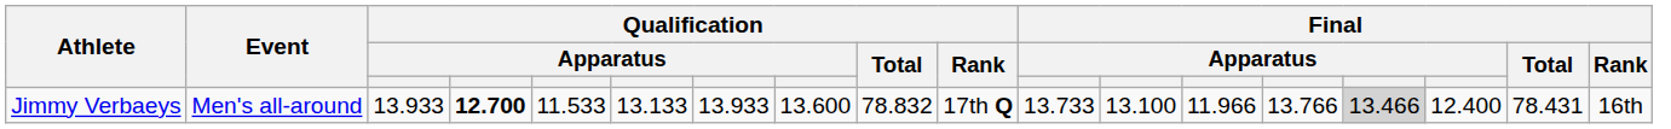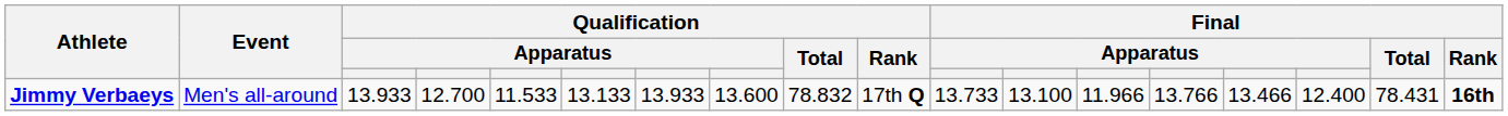 <table class="wikitable" style="font-size:90%">
 <tr>
 <th rowspan=3>Athlete</th>
 <th rowspan=3>Event</th>
 <th colspan=8>Qualification</th>
 <th colspan=8>Final</th>
 </tr>
 <tr style="font-size:95%">
 <th colspan=6>Apparatus</th>
 <th rowspan=2>Total</th>
 <th rowspan=2>Rank</th>
 <th colspan=6>Apparatus</th>
 <th rowspan=2>Total</th>
 <th rowspan=2>Rank</th>
 </tr>
 <tr style="font-size:95%">
 <th></th>
 <th></th>
 <th></th>
 <th></th>
 <th></th>
 <th></th>
 <th></th>
 <th></th>
 <th></th>
 <th></th>
 <th></th>
 <th></th>
 </tr>
 <tr align=center>
-<td align=left><a href='#'>Jimmy Verbaeys</a></td>
+<td align=left><strong><a href='#'>Jimmy Verbaeys</a></strong></td>
 <td align=left><a href='#'>Men's all-around</a></td>
 <td>13.933</td>
-<td><strong>12.700</strong></td>
+<td>12.700</td>
 <td>11.533</td>
 <td>13.133</td>
 <td>13.933</td>
 <td>13.600</td>
 <td>78.832</td>
 <td>17th <strong>Q</strong></td>
 <td>13.733</td>
 <td>13.100</td>
 <td>11.966</td>
 <td>13.766</td>
-<td style="background: lightgrey;">13.466</td>
+<td>13.466</td>
 <td>12.400</td>
 <td>78.431</td>
-<td>16th</td>
+<td><strong>16th</strong></td>
 </tr>
 </table>
